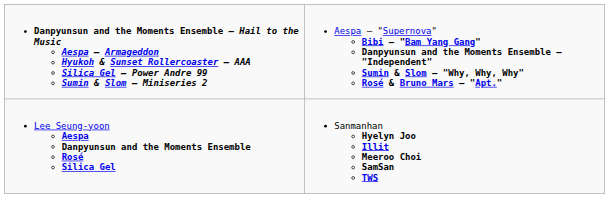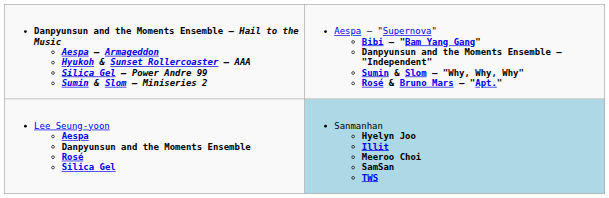 <table class="wikitable">
 <tr>
 <td style="vertical-align:top;" width="50%"><br><ul><li><strong>Danpyunsun and the Moments Ensemble – <em>Hail to the Music<strong><em> <ul><li><a href='#'>Aespa</a> – </em><a href='#'>Armageddon</a><em></li><li><a href='#'>Hyukoh</a> & <a href='#'>Sunset Rollercoaster</a> – </em>AAA<em></li><li><a href='#'>Silica Gel</a> – </em>Power Andre 99<em></li><li><a href='#'>Sumin</a> & <a href='#'>Slom</a> – </em>Miniseries 2<em></li></ul></li></ul></td>
 <td style="vertical-align:top;" width="50%"><br><ul><li></strong><a href='#'>Aespa</a> – "<a href='#'>Supernova</a>"<strong> <ul><li><a href='#'>Bibi</a> – "<a href='#'>Bam Yang Gang</a>"</li><li>Danpyunsun and the Moments Ensemble – "Independent"</li><li><a href='#'>Sumin</a> & <a href='#'>Slom</a> – "Why, Why, Why"</li><li><a href='#'>Rosé</a> & <a href='#'>Bruno Mars</a> – "<a href='#'>Apt.</a>"</li></ul></li></ul></td>
 </tr>
 <tr>
 <td style="vertical-align:top;" width="50%"><br><ul><li></strong><a href='#'>Lee Seung-yoon</a><strong> <ul><li><a href='#'>Aespa</a></li><li>Danpyunsun and the Moments Ensemble</li><li><a href='#'>Rosé</a></li><li><a href='#'>Silica Gel</a></li></ul></li></ul></td>
-<td style="vertical-align:top;" width="50%"><br><ul><li></strong>Sanmanhan<strong> <ul><li>Hyelyn Joo</li><li><a href='#'>Illit</a></li><li>Meeroo Choi</li><li>SamSan</li><li><a href='#'>TWS</a></li></ul></li></ul></td>
+<td style="background: lightblue; vertical-align:top;" width="50%"><br><ul><li></strong>Sanmanhan<strong> <ul><li>Hyelyn Joo</li><li><a href='#'>Illit</a></li><li>Meeroo Choi</li><li>SamSan</li><li><a href='#'>TWS</a></li></ul></li></ul></td>
 </tr>
 </table>
